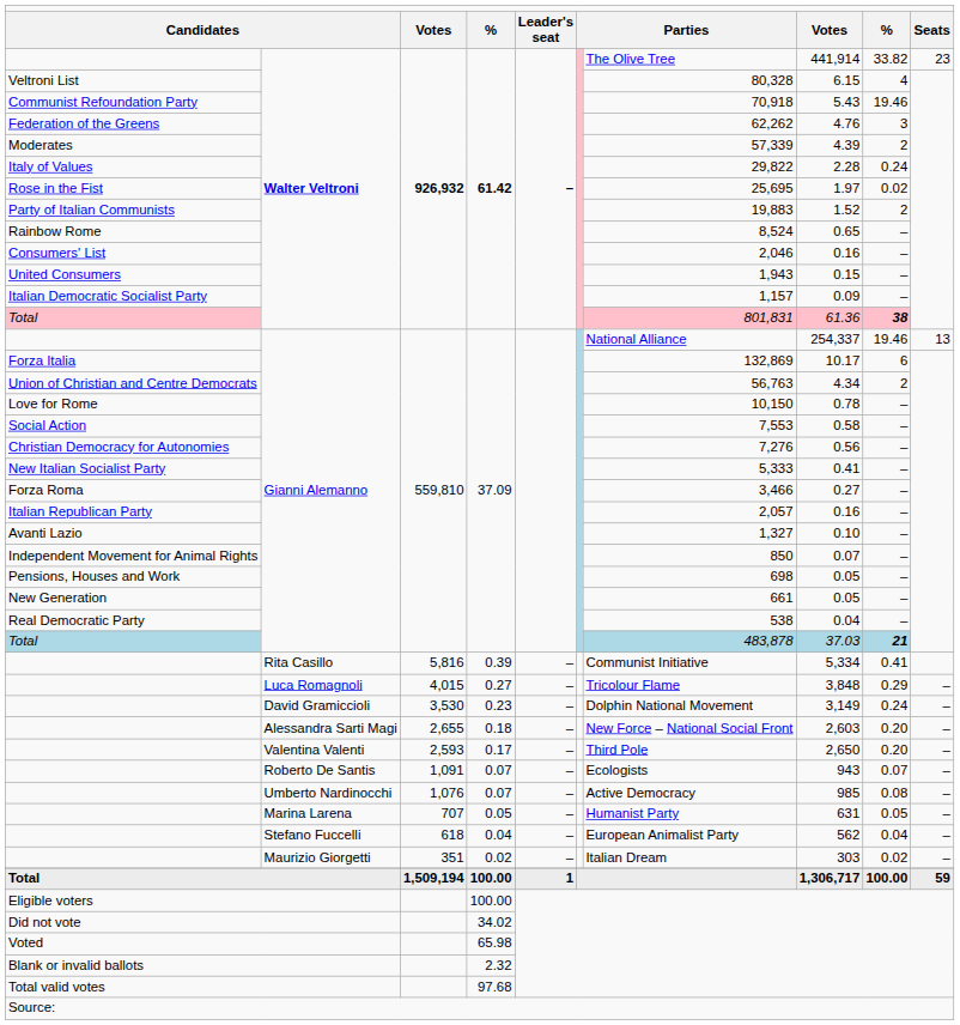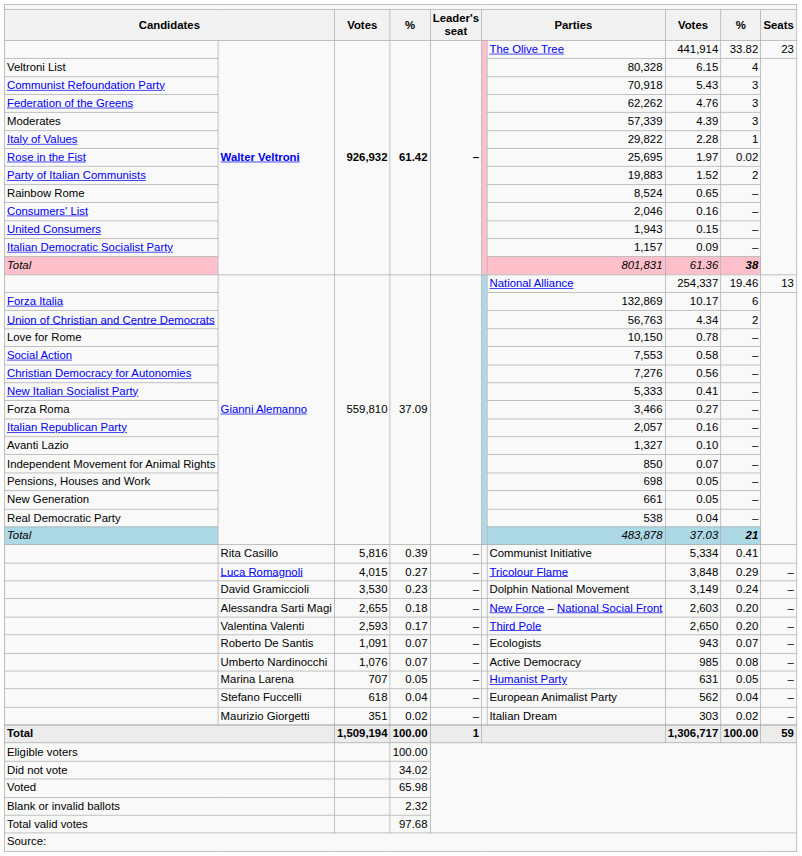 <table class="wikitable" style="text-align:left">
 <tr>
 <td colspan="10"></td>
 </tr>
 <tr>
 <th colspan=2>Candidates</th>
 <th>Votes</th>
 <th>%</th>
 <th>Leader's<br>seat</th>
 <th colspan=2>Parties</th>
 <th>Votes</th>
 <th>%</th>
 <th>Seats</th>
 </tr>
 <tr>
 <td></td>
 <td rowspan=13><strong><a href='#'>Walter Veltroni</a></strong></td>
 <td rowspan=13 align=right><strong>926,932</strong></td>
 <td rowspan=13 align=right><strong>61.42</strong></td>
 <td rowspan=13 align=right><strong>–</strong></td>
 <td rowspan=13 bgcolor=pink></td>
 <td><a href='#'>The Olive Tree</a></td>
 <td align=right>441,914</td>
 <td align=right>33.82</td>
 <td align=right>23</td>
 </tr>
 <tr>
 <td>Veltroni List</td>
 <td align=right>80,328</td>
 <td align=right>6.15</td>
 <td align=right>4</td>
 </tr>
 <tr>
 <td><a href='#'>Communist Refoundation Party</a></td>
 <td align=right>70,918</td>
 <td align=right>5.43</td>
-<td align=right>19.46</td>
+<td align=right>3</td>
 </tr>
 <tr>
 <td><a href='#'>Federation of the Greens</a></td>
 <td align=right>62,262</td>
 <td align=right>4.76</td>
 <td align=right>3</td>
 </tr>
 <tr>
 <td>Moderates</td>
 <td align=right>57,339</td>
 <td align=right>4.39</td>
-<td align=right>2</td>
+<td align=right>3</td>
 </tr>
 <tr>
 <td><a href='#'>Italy of Values</a></td>
 <td align=right>29,822</td>
 <td align=right>2.28</td>
-<td align=right>0.24</td>
+<td align=right>1</td>
 </tr>
 <tr>
 <td><a href='#'>Rose in the Fist</a></td>
 <td align=right>25,695</td>
 <td align=right>1.97</td>
 <td align=right>0.02</td>
 </tr>
 <tr>
 <td><a href='#'>Party of Italian Communists</a></td>
 <td align=right>19,883</td>
 <td align=right>1.52</td>
 <td align=right>2</td>
 </tr>
 <tr>
 <td>Rainbow Rome</td>
 <td align=right>8,524</td>
 <td align=right>0.65</td>
 <td align=right>–</td>
 </tr>
 <tr>
 <td><a href='#'>Consumers' List</a></td>
 <td align=right>2,046</td>
 <td align=right>0.16</td>
 <td align=right>–</td>
 </tr>
 <tr>
 <td><a href='#'>United Consumers</a></td>
 <td align=right>1,943</td>
 <td align=right>0.15</td>
 <td align=right>–</td>
 </tr>
 <tr>
 <td><a href='#'>Italian Democratic Socialist Party</a></td>
 <td align=right>1,157</td>
 <td align=right>0.09</td>
 <td align=right>–</td>
 </tr>
 <tr>
 <td bgcolor=pink><em>Total</em></td>
 <td bgcolor=pink align=right><em>801,831</em></td>
 <td bgcolor=pink align=right><em>61.36</em></td>
 <td bgcolor=pink align=right><strong><em>38</em></strong></td>
 </tr>
 <tr>
 <td></td>
 <td rowspan=15><a href='#'>Gianni Alemanno</a></td>
 <td rowspan=15 align=right>559,810</td>
 <td rowspan=15 align=right>37.09</td>
 <td rowspan=15 align=right></td>
 <td rowspan=15 bgcolor=lightblue></td>
 <td><a href='#'>National Alliance</a></td>
 <td align=right>254,337</td>
 <td align=right>19.46</td>
 <td align=right>13</td>
 </tr>
 <tr>
 <td><a href='#'>Forza Italia</a></td>
 <td align=right>132,869</td>
 <td align=right>10.17</td>
 <td align=right>6</td>
 </tr>
 <tr>
 <td><a href='#'>Union of Christian and Centre Democrats</a></td>
 <td align=right>56,763</td>
 <td align=right>4.34</td>
 <td align=right>2</td>
 </tr>
 <tr>
 <td>Love for Rome</td>
 <td align=right>10,150</td>
 <td align=right>0.78</td>
 <td align=right>–</td>
 </tr>
 <tr>
 <td><a href='#'>Social Action</a></td>
 <td align=right>7,553</td>
 <td align=right>0.58</td>
 <td align=right>–</td>
 </tr>
 <tr>
 <td><a href='#'>Christian Democracy for Autonomies</a></td>
 <td align=right>7,276</td>
 <td align=right>0.56</td>
 <td align=right>–</td>
 </tr>
 <tr>
 <td><a href='#'>New Italian Socialist Party</a></td>
 <td align=right>5,333</td>
 <td align=right>0.41</td>
 <td align=right>–</td>
 </tr>
 <tr>
 <td>Forza Roma</td>
 <td align=right>3,466</td>
 <td align=right>0.27</td>
 <td align=right>–</td>
 </tr>
 <tr>
 <td><a href='#'>Italian Republican Party</a></td>
 <td align=right>2,057</td>
 <td align=right>0.16</td>
 <td align=right>–</td>
 </tr>
 <tr>
 <td>Avanti Lazio</td>
 <td align=right>1,327</td>
 <td align=right>0.10</td>
 <td align=right>–</td>
 </tr>
 <tr>
 <td>Independent Movement for Animal Rights</td>
 <td align=right>850</td>
 <td align=right>0.07</td>
 <td align=right>–</td>
 </tr>
 <tr>
 <td>Pensions, Houses and Work</td>
 <td align=right>698</td>
 <td align=right>0.05</td>
 <td align=right>–</td>
 </tr>
 <tr>
 <td>New Generation</td>
 <td align=right>661</td>
 <td align=right>0.05</td>
 <td align=right>–</td>
 </tr>
 <tr>
 <td>Real Democratic Party</td>
 <td align=right>538</td>
 <td align=right>0.04</td>
 <td align=right>–</td>
 </tr>
 <tr>
 <td bgcolor=lightblue><em>Total</em></td>
 <td bgcolor=lightblue align=right><em>483,878</em></td>
 <td bgcolor=lightblue align=right><em>37.03</em></td>
 <td bgcolor=lightblue align=right><strong><em>21</em></strong></td>
 </tr>
 <tr>
 <td></td>
 <td>Rita Casillo</td>
 <td align=right>5,816</td>
 <td align=right>0.39</td>
 <td align=right>–</td>
 <td></td>
 <td>Communist Initiative</td>
 <td align=right>5,334</td>
 <td align=right>0.41</td>
 <td align=right></td>
 </tr>
 <tr>
 <td></td>
 <td><a href='#'>Luca Romagnoli</a></td>
 <td align=right>4,015</td>
 <td align=right>0.27</td>
 <td align=right>–</td>
 <td></td>
 <td><a href='#'>Tricolour Flame</a></td>
 <td align=right>3,848</td>
 <td align=right>0.29</td>
 <td align=right>–</td>
 </tr>
 <tr>
 <td></td>
 <td>David Gramiccioli</td>
 <td align=right>3,530</td>
 <td align=right>0.23</td>
 <td align=right>–</td>
 <td></td>
 <td>Dolphin National Movement</td>
 <td align=right>3,149</td>
 <td align=right>0.24</td>
 <td align=right>–</td>
 </tr>
 <tr>
 <td></td>
 <td>Alessandra Sarti Magi</td>
 <td align=right>2,655</td>
 <td align=right>0.18</td>
 <td align=right>–</td>
 <td></td>
 <td><a href='#'>New Force</a> – <a href='#'>National Social Front</a></td>
 <td align=right>2,603</td>
 <td align=right>0.20</td>
 <td align=right>–</td>
 </tr>
 <tr>
 <td></td>
 <td>Valentina Valenti</td>
 <td align=right>2,593</td>
 <td align=right>0.17</td>
 <td align=right>–</td>
 <td></td>
 <td><a href='#'>Third Pole</a></td>
 <td align=right>2,650</td>
 <td align=right>0.20</td>
 <td align=right>–</td>
 </tr>
 <tr>
 <td></td>
 <td>Roberto De Santis</td>
 <td align=right>1,091</td>
 <td align=right>0.07</td>
 <td align=right>–</td>
 <td></td>
 <td>Ecologists</td>
 <td align=right>943</td>
 <td align=right>0.07</td>
 <td align=right>–</td>
 </tr>
 <tr>
 <td></td>
 <td>Umberto Nardinocchi</td>
 <td align=right>1,076</td>
 <td align=right>0.07</td>
 <td align=right>–</td>
 <td></td>
 <td>Active Democracy</td>
 <td align=right>985</td>
 <td align=right>0.08</td>
 <td align=right>–</td>
 </tr>
 <tr>
 <td></td>
 <td>Marina Larena</td>
 <td align=right>707</td>
 <td align=right>0.05</td>
 <td align=right>–</td>
 <td></td>
 <td><a href='#'>Humanist Party</a></td>
 <td align=right>631</td>
 <td align=right>0.05</td>
 <td align=right>–</td>
 </tr>
 <tr>
 <td></td>
 <td>Stefano Fuccelli</td>
 <td align=right>618</td>
 <td align=right>0.04</td>
 <td align=right>–</td>
 <td></td>
 <td>European Animalist Party</td>
 <td align=right>562</td>
 <td align=right>0.04</td>
 <td align=right>–</td>
 </tr>
 <tr>
 <td></td>
 <td>Maurizio Giorgetti</td>
 <td align=right>351</td>
 <td align=right>0.02</td>
 <td align=right>–</td>
 <td></td>
 <td>Italian Dream</td>
 <td align=right>303</td>
 <td align=right>0.02</td>
 <td align=right>–</td>
 </tr>
 <tr>
 </tr>
 <tr bgcolor=ececec>
 <td colspan="2"><strong>Total</strong></td>
 <td align=right><strong>1,509,194</strong></td>
 <td align=right><strong>100.00</strong></td>
 <td align=right><strong>1</strong></td>
 <td align=right colspan=2></td>
 <td align=right><strong>1,306,717</strong></td>
 <td align=right><strong>100.00</strong></td>
 <td align=right><strong>59</strong></td>
 </tr>
 <tr>
 <td colspan=2>Eligible voters</td>
 <td style="text-align: right"></td>
 <td style="text-align: right">100.00</td>
 <td rowspan=5 colspan=6></td>
 </tr>
 <tr>
 <td colspan=2>Did not vote</td>
 <td style="text-align: right"></td>
 <td style="text-align: right">34.02</td>
 </tr>
 <tr>
 <td colspan=2>Voted</td>
 <td style="text-align: right"></td>
 <td style="text-align: right">65.98</td>
 </tr>
 <tr>
 <td colspan=2>Blank or invalid ballots</td>
 <td style="text-align: right"></td>
 <td style="text-align: right">2.32</td>
 </tr>
 <tr>
 <td colspan=2>Total valid votes</td>
 <td style="text-align: right"></td>
 <td style="text-align: right">97.68</td>
 </tr>
 <tr>
 <td style="text-align:left;" colspan="10">Source: </td>
 </tr>
 </table>
